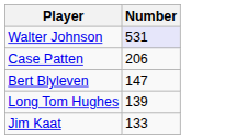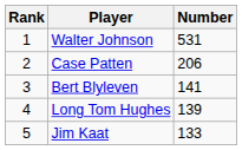 <table class="wikitable" style="font-size: 95%; text-align:left;">
 <tr>
+<th>Rank</th>
 <th>Player</th>
 <th>Number</th>
 </tr>
 <tr>
+<td align="center">1</td>
 <td><a href='#'>Walter Johnson</a></td>
-<td style="background: lavender;">531</td>
+<td>531</td>
 </tr>
 <tr>
+<td align="center">2</td>
 <td><a href='#'>Case Patten</a></td>
 <td>206</td>
 </tr>
 <tr>
+<td align="center">3</td>
 <td><a href='#'>Bert Blyleven</a></td>
-<td>147</td>
+<td>141</td>
 </tr>
 <tr>
+<td align="center">4</td>
 <td><a href='#'>Long Tom Hughes</a></td>
 <td>139</td>
 </tr>
 <tr>
+<td align="center">5</td>
 <td><a href='#'>Jim Kaat</a></td>
 <td>133</td>
 </tr>
 </table>
